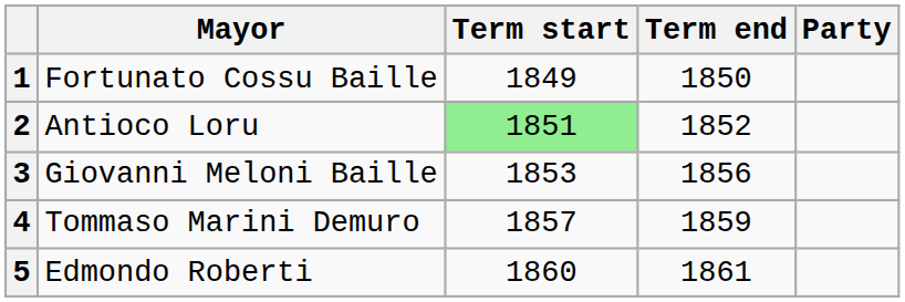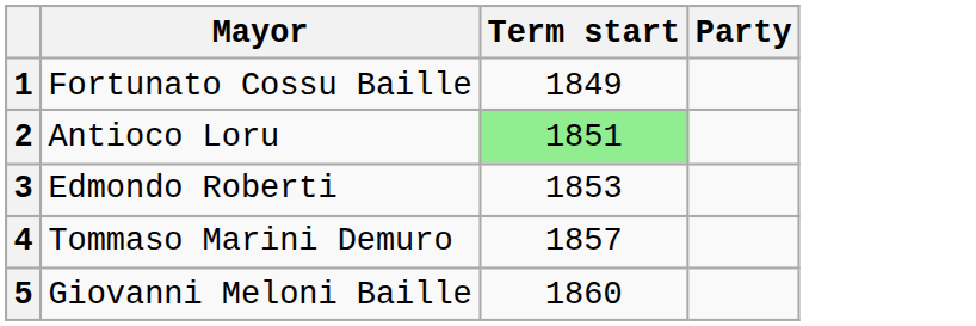 <table class="wikitable">
 <tr>
 <th class=unsortable> </th>
 <th>Mayor</th>
 <th>Term start</th>
-<th>Term end</th>
 <th>Party</th>
 </tr>
 <tr>
 <th rowspan=1 style="background:">1</th>
 <td>Fortunato Cossu Baille</td>
 <td align=center>1849</td>
-<td align=center>1850</td>
 <td></td>
 </tr>
 <tr>
 <th rowspan=1 style="background:">2</th>
 <td>Antioco Loru</td>
 <td align=center style="background: lightgreen;">1851</td>
-<td align=center>1852</td>
 <td></td>
 </tr>
 <tr>
 <th rowspan=1 style="background:">3</th>
-<td>Giovanni Meloni Baille</td>
+<td>Edmondo Roberti</td>
 <td align=center>1853</td>
-<td align=center>1856</td>
 <td></td>
 </tr>
 <tr>
 <th rowspan=1 style="background:">4</th>
 <td>Tommaso Marini Demuro</td>
 <td align=center>1857</td>
-<td align=center>1859</td>
 <td></td>
 </tr>
 <tr>
 <th rowspan=1 style="background:">5</th>
-<td>Edmondo Roberti</td>
+<td>Giovanni Meloni Baille</td>
 <td align=center>1860</td>
-<td align=center>1861</td>
 <td></td>
 </tr>
 </table>
